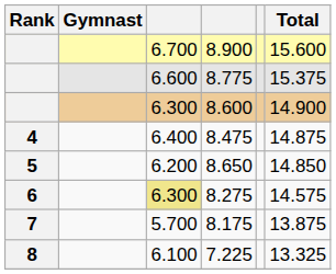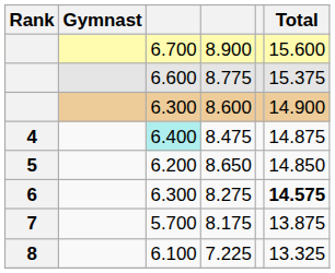 <table class="wikitable sortable" style="text-align:center; font-size:95%">
 <tr>
 <th scope=col>Rank</th>
 <th scope=col>Gymnast</th>
 <th scope=col></th>
 <th scope=col></th>
 <th scope=col></th>
 <th scope=col>Total</th>
 </tr>
 <tr bgcolor=fffcaf>
 <th scope=row></th>
 <td align=left></td>
 <td>6.700</td>
 <td>8.900</td>
 <td></td>
 <td>15.600</td>
 </tr>
 <tr bgcolor=e5e5e5>
 <th scope=row></th>
 <td align=left></td>
 <td>6.600</td>
 <td>8.775</td>
 <td></td>
 <td>15.375</td>
 </tr>
 <tr bgcolor=eecc99>
 <th scope=row></th>
 <td align=left></td>
 <td>6.300</td>
 <td>8.600</td>
 <td></td>
 <td>14.900</td>
 </tr>
 <tr>
 <th scope=row>4</th>
 <td align=left></td>
-<td>6.400</td>
+<td style="background: paleturquoise;">6.400</td>
 <td>8.475</td>
 <td></td>
 <td>14.875</td>
 </tr>
 <tr>
 <th scope=row>5</th>
 <td align=left></td>
 <td>6.200</td>
 <td>8.650</td>
 <td></td>
 <td>14.850</td>
 </tr>
 <tr>
 <th scope=row>6</th>
 <td align=left></td>
-<td style="background: khaki;">6.300</td>
+<td>6.300</td>
 <td>8.275</td>
 <td></td>
-<td>14.575</td>
+<td><strong>14.575</strong></td>
 </tr>
 <tr>
 <th scope=row>7</th>
 <td align=left></td>
 <td>5.700</td>
 <td>8.175</td>
 <td></td>
 <td>13.875</td>
 </tr>
 <tr>
 <th scope=row>8</th>
 <td align=left></td>
 <td>6.100</td>
 <td>7.225</td>
 <td></td>
 <td>13.325</td>
 </tr>
 <tr>
 </tr>
 </table>
